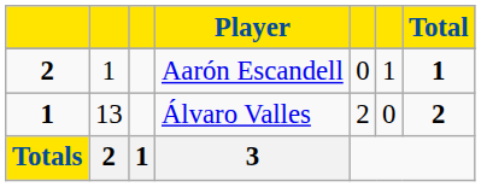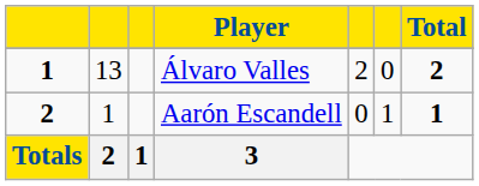 <table class="wikitable" style="text-align:center">
 <tr>
 <th style="background:#ffe400; color:#004b9d; "></th>
 <th style="background:#ffe400; color:#004b9d; "></th>
 <th style="background:#ffe400; color:#004b9d; "></th>
 <th style="background:#ffe400; color:#004b9d; ">Player</th>
 <th style="background:#ffe400; color:#004b9d; "></th>
 <th style="background:#ffe400; color:#004b9d; "></th>
 <th style="background:#ffe400; color:#004b9d; ">Total</th>
 </tr>
 <tr>
 </tr>
 <tr>
+<td><strong>1</strong></td>
+<td>13</td>
+<td></td>
+<td align="left"><a href='#'>Álvaro Valles</a></td>
+<td>2</td>
+<td>0</td>
+<td><strong>2</strong></td>
+</tr>
+<tr>
 <td><strong>2</strong></td>
 <td>1</td>
 <td></td>
 <td align="left"><a href='#'>Aarón Escandell</a></td>
 <td>0</td>
 <td>1</td>
 <td><strong>1</strong></td>
 </tr>
 <tr>
-<td><strong>1</strong></td>
-<td>13</td>
-<td></td>
-<td align="left"><a href='#'>Álvaro Valles</a></td>
-<td>2</td>
-<td>0</td>
-<td><strong>2</strong></td>
-</tr>
-<tr>
 <th style="background:#ffe400; color:#004b9d; "><strong>Totals</strong></th>
 <th>2</th>
 <th>1</th>
 <th><strong>3</strong></th>
 </tr>
 </table>
